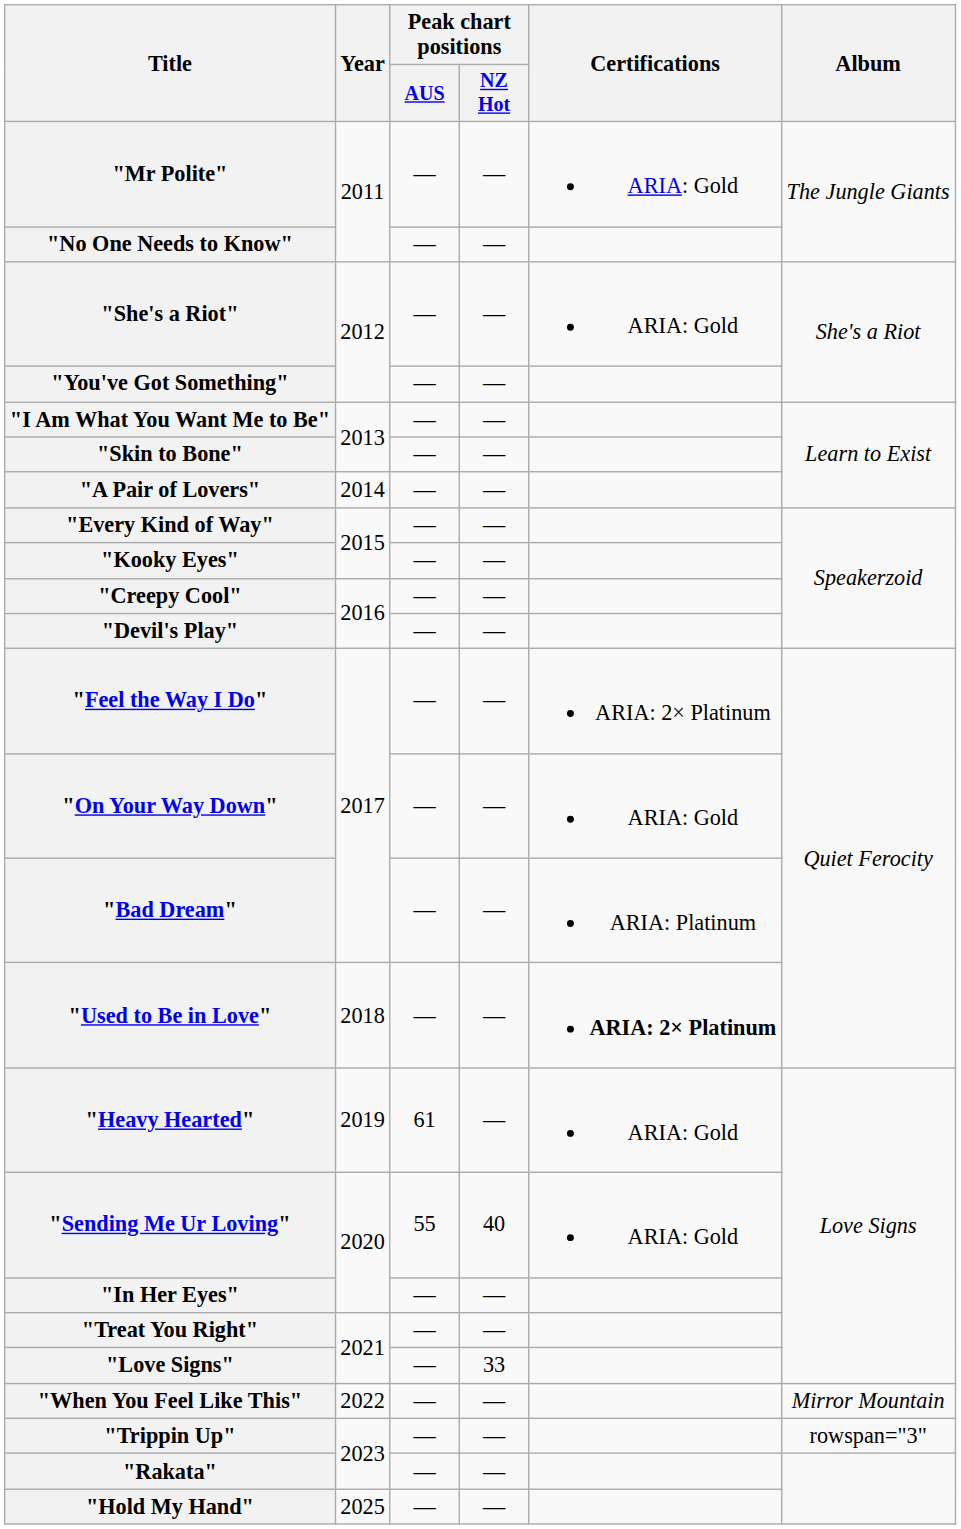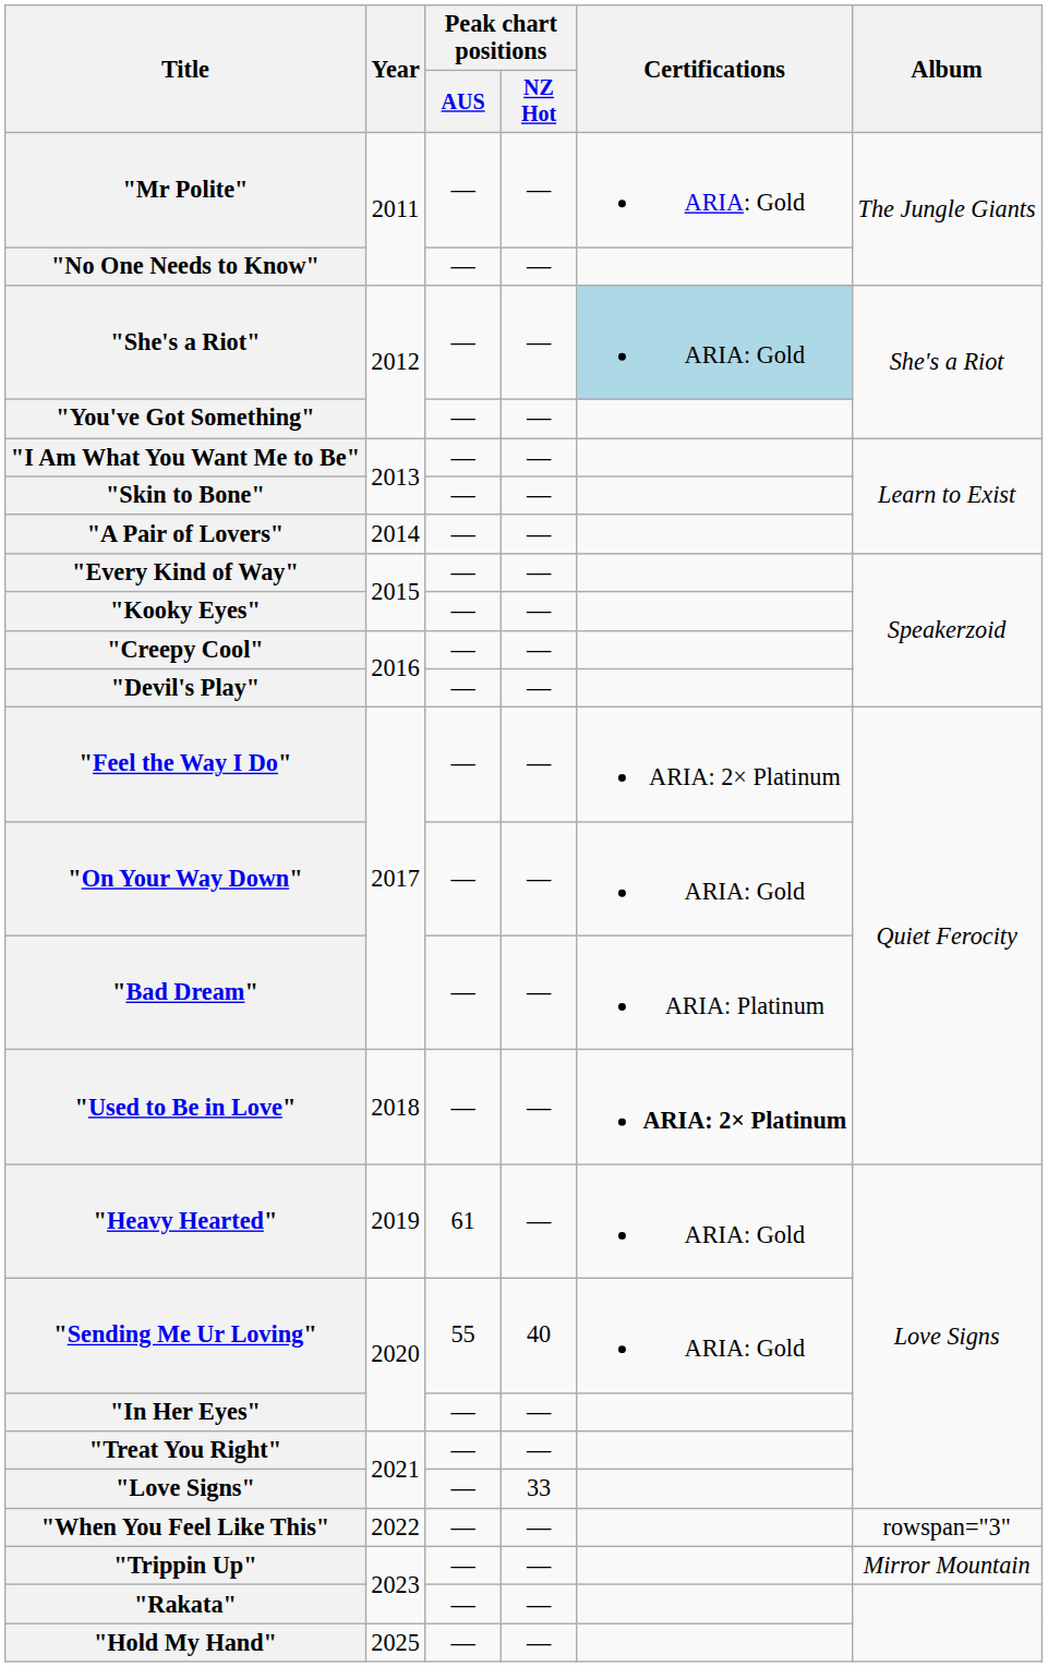 <table class="wikitable plainrowheaders" style="text-align:center;">
 <tr>
 <th scope="col" rowspan="2">Title</th>
 <th scope="col" rowspan="2">Year</th>
 <th scope="col" colspan="2">Peak chart positions</th>
 <th scope="col" rowspan="2">Certifications</th>
 <th scope="col" rowspan="2">Album</th>
 </tr>
 <tr>
 <th scope="col" style="width:3em;font-size:90%;"><a href='#'>AUS</a><br></th>
 <th scope="col" style="width:3em;font-size:90%;"><a href='#'>NZ<br>Hot</a><br></th>
 </tr>
 <tr>
 <th scope="row">"Mr Polite"</th>
 <td rowspan="2">2011</td>
 <td>—</td>
 <td>—</td>
 <td><br><ul><li><a href='#'>ARIA</a>: Gold</li></ul></td>
 <td rowspan="2"><em>The Jungle Giants</em></td>
 </tr>
 <tr>
 <th scope="row">"No One Needs to Know"</th>
 <td>—</td>
 <td>—</td>
 </tr>
 <tr>
 <th scope="row">"She's a Riot"</th>
 <td rowspan="2">2012</td>
 <td>—</td>
 <td>—</td>
-<td><br><ul><li>ARIA: Gold</li></ul></td>
+<td style="background: lightblue;"><br><ul><li>ARIA: Gold</li></ul></td>
 <td rowspan="2"><em>She's a Riot</em></td>
 </tr>
 <tr>
 <th scope="row">"You've Got Something"</th>
 <td>—</td>
 <td>—</td>
 <td></td>
 </tr>
 <tr>
 <th scope="row">"I Am What You Want Me to Be"</th>
 <td rowspan="2">2013</td>
 <td>—</td>
 <td>—</td>
 <td></td>
 <td rowspan="3"><em>Learn to Exist</em></td>
 </tr>
 <tr>
 <th scope="row">"Skin to Bone"</th>
 <td>—</td>
 <td>—</td>
 <td></td>
 </tr>
 <tr>
 <th scope="row">"A Pair of Lovers"</th>
 <td>2014</td>
 <td>—</td>
 <td>—</td>
 <td></td>
 </tr>
 <tr>
 <th scope="row">"Every Kind of Way"</th>
 <td rowspan="2">2015</td>
 <td>—</td>
 <td>—</td>
 <td></td>
 <td rowspan="4"><em>Speakerzoid</em></td>
 </tr>
 <tr>
 <th scope="row">"Kooky Eyes"</th>
 <td>—</td>
 <td>—</td>
 <td></td>
 </tr>
 <tr>
 <th scope="row">"Creepy Cool"</th>
 <td rowspan="2">2016</td>
 <td>—</td>
 <td>—</td>
 <td></td>
 </tr>
 <tr>
 <th scope="row">"Devil's Play"</th>
 <td>—</td>
 <td>—</td>
 <td></td>
 </tr>
 <tr>
 <th scope="row">"<a href='#'>Feel the Way I Do</a>"</th>
 <td rowspan="3">2017</td>
 <td>—</td>
 <td>—</td>
 <td><br><ul><li>ARIA: 2× Platinum</li></ul></td>
 <td rowspan="4"><em>Quiet Ferocity</em></td>
 </tr>
 <tr>
 <th scope="row">"<a href='#'>On Your Way Down</a>"</th>
 <td>—</td>
 <td>—</td>
 <td><br><ul><li>ARIA: Gold</li></ul></td>
 </tr>
 <tr>
 <th scope="row">"<a href='#'>Bad Dream</a>"</th>
 <td>—</td>
 <td>—</td>
 <td><br><ul><li>ARIA: Platinum</li></ul></td>
 </tr>
 <tr>
 <th scope="row">"<a href='#'>Used to Be in Love</a>"</th>
 <td>2018</td>
 <td>—</td>
 <td>—</td>
 <td><strong><br><ul><li>ARIA: 2× Platinum</li></ul></strong></td>
 </tr>
 <tr>
 <th scope="row">"<a href='#'>Heavy Hearted</a>"</th>
 <td>2019</td>
 <td>61</td>
 <td>—</td>
 <td><br><ul><li>ARIA: Gold</li></ul></td>
 <td rowspan="5"><em>Love Signs</em></td>
 </tr>
 <tr>
 <th scope="row">"<a href='#'>Sending Me Ur Loving</a>"</th>
 <td rowspan="2">2020</td>
 <td>55</td>
 <td>40</td>
 <td><br><ul><li>ARIA: Gold</li></ul></td>
 </tr>
 <tr>
 <th scope="row">"In Her Eyes"</th>
 <td>—</td>
 <td>—</td>
 <td></td>
 </tr>
 <tr>
 <th scope="row">"Treat You Right"</th>
 <td rowspan="2">2021</td>
 <td>—</td>
 <td>—</td>
 <td></td>
 </tr>
 <tr>
 <th scope="row">"Love Signs"</th>
 <td>—</td>
 <td>33</td>
 <td></td>
 </tr>
 <tr>
 <th scope="row">"When You Feel Like This"<br></th>
 <td>2022</td>
 <td>—</td>
 <td>—</td>
 <td></td>
-<td><em>Mirror Mountain</em></td>
+<td>rowspan="3" </td>
 </tr>
 <tr>
 <th scope="row">"Trippin Up"</th>
 <td rowspan="2">2023</td>
 <td>—</td>
 <td>—</td>
 <td></td>
-<td>rowspan="3" </td>
+<td><em>Mirror Mountain</em></td>
 </tr>
 <tr>
 <th scope="row">"Rakata"<br></th>
 <td>—</td>
 <td>—</td>
 <td></td>
 </tr>
 <tr>
 <th scope="row">"Hold My Hand"</th>
 <td>2025</td>
 <td>—</td>
 <td>—</td>
 <td></td>
 </tr>
 </table>
